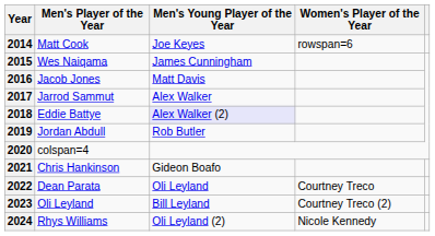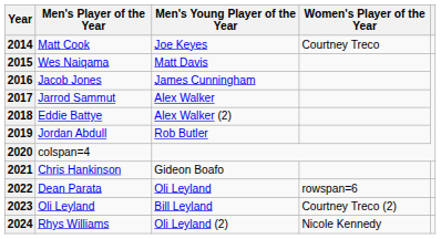 <table class="wikitable plainrowheaders" style="text-align:left">
 <tr>
 <th scope="col">Year</th>
 <th scope="col">Men's Player of the Year</th>
 <th scope="col">Men's Young Player of the Year</th>
 <th scope="col">Women's Player of the Year</th>
 <th scope="col"></th>
 </tr>
 <tr>
 <th scope="row">2014</th>
 <td> <a href='#'>Matt Cook</a></td>
 <td> <a href='#'>Joe Keyes</a></td>
-<td>rowspan=6 </td>
+<td> Courtney Treco</td>
 <td></td>
 </tr>
 <tr>
 <th scope="row">2015</th>
 <td> <a href='#'>Wes Naiqama</a></td>
-<td> <a href='#'>James Cunningham</a></td>
+<td> <a href='#'>Matt Davis</a></td>
 <td></td>
 </tr>
 <tr>
 <th scope="row">2016</th>
 <td> <a href='#'>Jacob Jones</a></td>
-<td> <a href='#'>Matt Davis</a></td>
+<td> <a href='#'>James Cunningham</a></td>
 <td></td>
 </tr>
 <tr>
 <th scope="row">2017</th>
 <td> <a href='#'>Jarrod Sammut</a></td>
 <td> <a href='#'>Alex Walker</a></td>
 <td></td>
 </tr>
 <tr>
 <th scope="row">2018</th>
 <td> <a href='#'>Eddie Battye</a></td>
-<td style="background: lavender;"> <a href='#'>Alex Walker</a> (2)</td>
+<td> <a href='#'>Alex Walker</a> (2)</td>
 <td></td>
 </tr>
 <tr>
 <th scope="row">2019</th>
 <td> <a href='#'>Jordan Abdull</a></td>
 <td> <a href='#'>Rob Butler</a></td>
 <td></td>
 </tr>
 <tr>
 <th scope="row">2020</th>
 <td>colspan=4 </td>
 </tr>
 <tr>
 <th scope="row">2021</th>
 <td> <a href='#'>Chris Hankinson</a></td>
 <td> Gideon Boafo</td>
 <td></td>
 <td></td>
 </tr>
 <tr>
 <th scope="row">2022</th>
 <td> <a href='#'>Dean Parata</a></td>
 <td> <a href='#'>Oli Leyland</a></td>
-<td> Courtney Treco</td>
+<td>rowspan=6 </td>
 <td></td>
 </tr>
 <tr>
 <th scope="row">2023</th>
 <td> <a href='#'>Oli Leyland</a></td>
 <td> <a href='#'>Bill Leyland</a></td>
 <td> Courtney Treco (2)</td>
 <td></td>
 </tr>
 <tr>
 <th scope="row">2024</th>
 <td> <a href='#'>Rhys Williams</a></td>
 <td> <a href='#'>Oli Leyland</a> (2)</td>
 <td> Nicole Kennedy</td>
 <td></td>
 </tr>
 </table>
